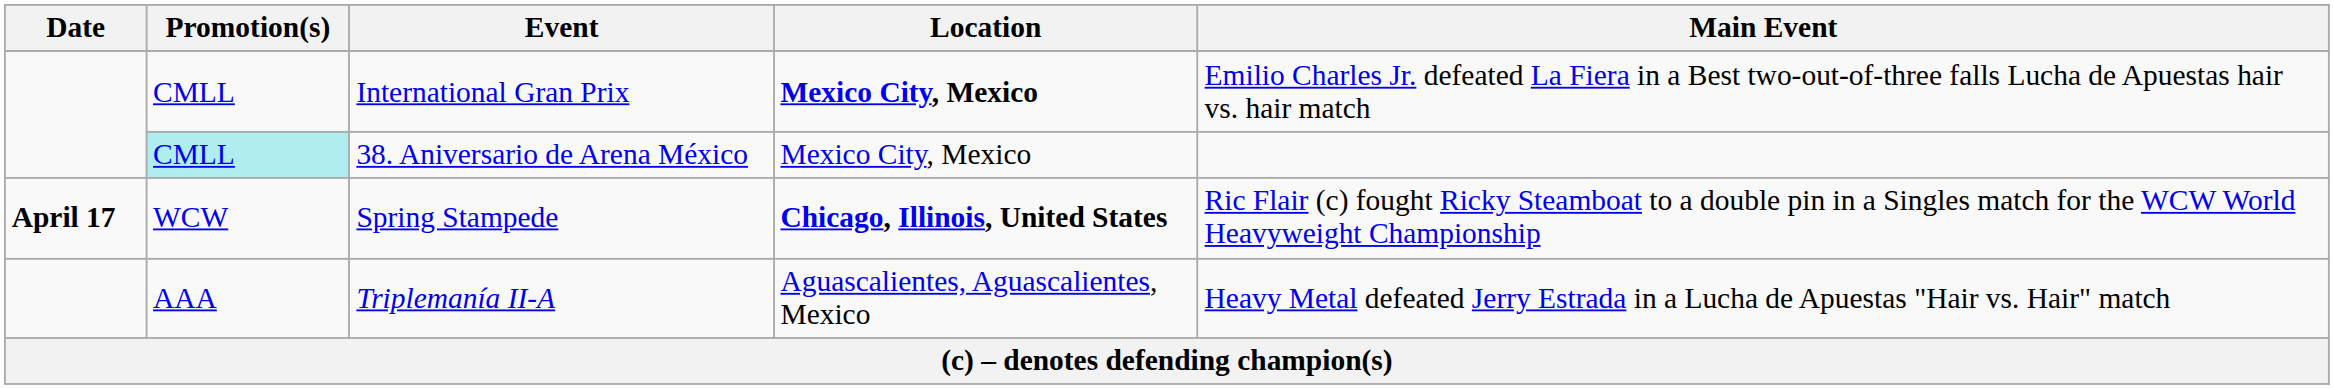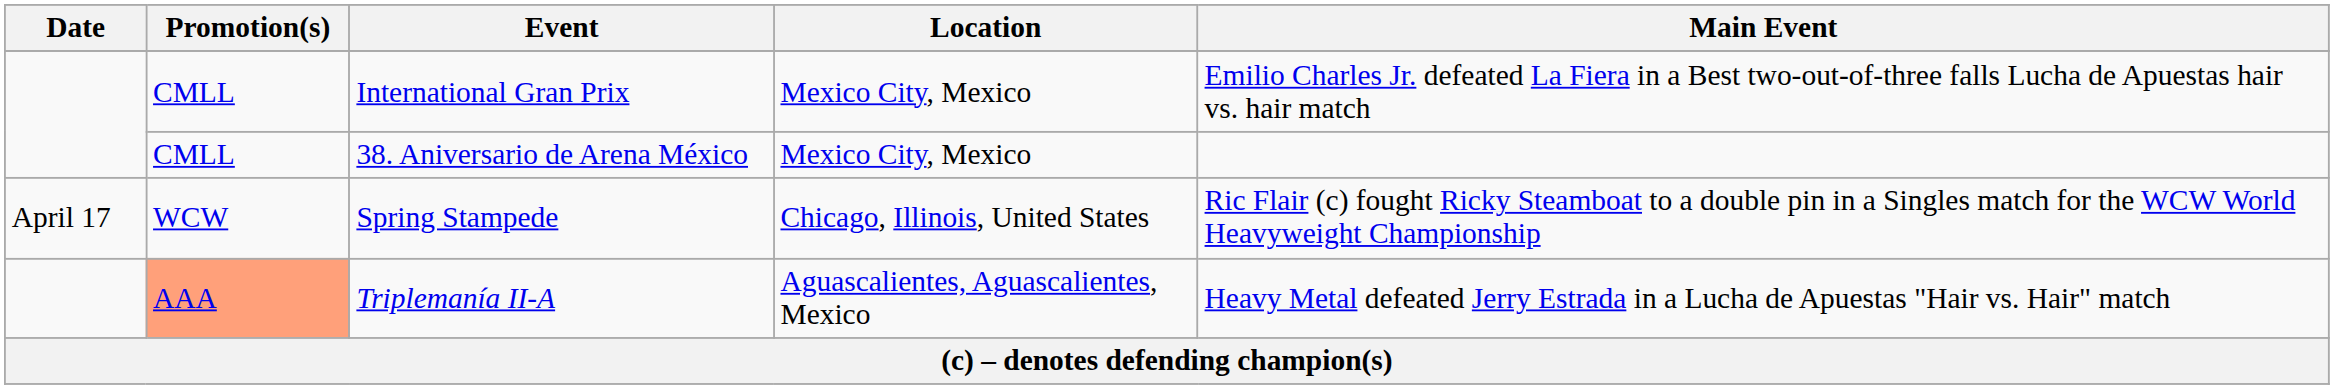 <table class="wikitable" style="width:100%;">
 <tr>
 <th width="5%">Date</th>
 <th width="5%">Promotion(s)</th>
 <th style="width:15%;">Event</th>
 <th style="width:15%;">Location</th>
 <th style="width:40%;">Main Event</th>
 </tr>
 <tr style="width:20%;" |Notes>
 </tr>
 <tr>
 <td rowspan=2></td>
 <td><a href='#'>CMLL</a></td>
 <td><a href='#'>International Gran Prix</a></td>
-<td><strong><a href='#'>Mexico City</a>, Mexico</strong></td>
+<td><a href='#'>Mexico City</a>, Mexico</td>
 <td><a href='#'>Emilio Charles Jr.</a> defeated <a href='#'>La Fiera</a> in a Best two-out-of-three falls Lucha de Apuestas hair vs. hair match</td>
 </tr>
 <tr>
-<td style="background: paleturquoise;"><a href='#'>CMLL</a></td>
+<td><a href='#'>CMLL</a></td>
 <td><a href='#'>38. Aniversario de Arena México</a></td>
 <td><a href='#'>Mexico City</a>, Mexico</td>
 <td></td>
 </tr>
 <tr>
-<td><strong>April 17</strong></td>
+<td>April 17</td>
 <td><a href='#'>WCW</a></td>
 <td><a href='#'>Spring Stampede</a></td>
-<td><strong><a href='#'>Chicago</a>, <a href='#'>Illinois</a>, United States</strong></td>
+<td><a href='#'>Chicago</a>, <a href='#'>Illinois</a>, United States</td>
 <td><a href='#'>Ric Flair</a> (c) fought <a href='#'>Ricky Steamboat</a> to a double pin in a Singles match for the <a href='#'>WCW World Heavyweight Championship</a></td>
 </tr>
 <tr>
 <td></td>
-<td><a href='#'>AAA</a></td>
+<td style="background: lightsalmon;"><a href='#'>AAA</a></td>
 <td><em><a href='#'>Triplemanía II-A</a></em></td>
 <td><a href='#'>Aguascalientes, Aguascalientes</a>, Mexico</td>
 <td><a href='#'>Heavy Metal</a> defeated <a href='#'>Jerry Estrada</a> in a Lucha de Apuestas "Hair vs. Hair" match</td>
 </tr>
 <tr>
 <th colspan="6">(c) – denotes defending champion(s)</th>
 </tr>
 </table>
